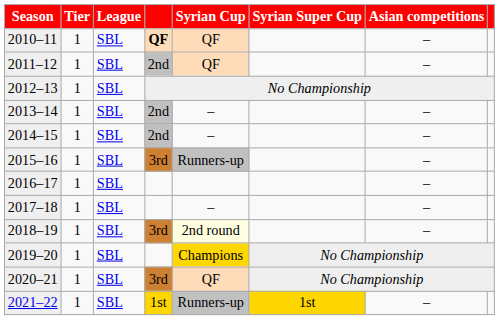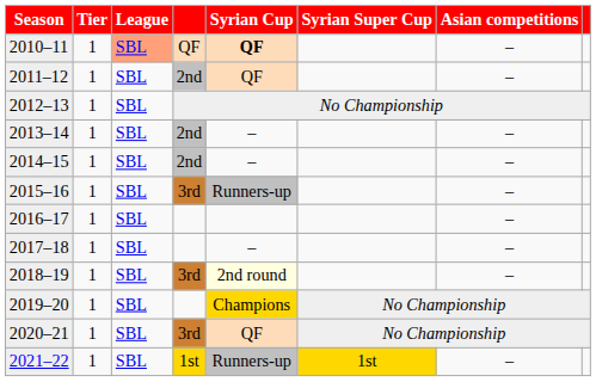 <table class="wikitable"  style="font-size:88%;">
 <tr>
 <th style="color:white; background:red;">Season</th>
 <th style="color:white; background:red;">Tier</th>
 <th style="color:white; background:red;">League</th>
 <th style="color:white; background:red;"></th>
 <th style="color:white; background:red;">Syrian Cup</th>
 <th style="color:white; background:red;">Syrian Super Cup</th>
 <th style="color:white; background:red;">Asian competitions</th>
 <th style="color:white; background:red;"></th>
 </tr>
 <tr>
 <td style="background:#efefef;">2010–11</td>
 <td align="center">1</td>
-<td><a href='#'>SBL</a></td>
+<td style="background: lightsalmon;"><a href='#'>SBL</a></td>
+<td align="center" bgcolor="#FEDCBA">QF</td>
 <td align="center" bgcolor="#FEDCBA"><strong>QF</strong></td>
-<td align="center" bgcolor="#FEDCBA">QF</td>
 <td></td>
 <td style="text-align: center;">–</td>
 <td></td>
 </tr>
 <tr>
 <td style="background:#efefef;">2011–12</td>
 <td align="center">1</td>
 <td><a href='#'>SBL</a></td>
 <td align="center" bgcolor=silver>2nd</td>
 <td align="center" bgcolor="#FEDCBA">QF</td>
 <td></td>
 <td style="text-align: center;">–</td>
 <td></td>
 </tr>
 <tr>
 <td style="background:#efefef;">2012–13</td>
 <td align="center">1</td>
 <td><a href='#'>SBL</a></td>
 <td bgcolor="#efefef" colspan=8 style="text-align: center;"><em>No Championship</em></td>
 </tr>
 <tr>
 <td style="background:#efefef;">2013–14</td>
 <td align="center">1</td>
 <td><a href='#'>SBL</a></td>
 <td align="center" bgcolor=silver>2nd</td>
 <td style="text-align: center;">–</td>
 <td></td>
 <td style="text-align: center;">–</td>
 <td></td>
 </tr>
 <tr>
 <td style="background:#efefef;">2014–15</td>
 <td align="center">1</td>
 <td><a href='#'>SBL</a></td>
 <td align="center" bgcolor=silver>2nd</td>
 <td style="text-align: center;">–</td>
 <td></td>
 <td style="text-align: center;">–</td>
 <td></td>
 </tr>
 <tr>
 <td style="background:#efefef;">2015–16</td>
 <td align="center">1</td>
 <td><a href='#'>SBL</a></td>
 <td align="center" bgcolor=#CD7F32>3rd</td>
 <td align="center" bgcolor=silver>Runners-up</td>
 <td></td>
 <td style="text-align: center;">–</td>
 <td></td>
 </tr>
 <tr>
 <td style="background:#efefef;">2016–17</td>
 <td align="center">1</td>
 <td><a href='#'>SBL</a></td>
 <td></td>
 <td></td>
 <td></td>
 <td style="text-align: center;">–</td>
 <td></td>
 </tr>
 <tr>
 <td style="background:#efefef;">2017–18</td>
 <td align="center">1</td>
 <td><a href='#'>SBL</a></td>
 <td></td>
 <td style="text-align: center;">–</td>
 <td></td>
 <td style="text-align: center;">–</td>
 <td></td>
 </tr>
 <tr>
 <td style="background:#efefef;">2018–19</td>
 <td align="center">1</td>
 <td><a href='#'>SBL</a></td>
 <td align="center" bgcolor=#CD7F32>3rd</td>
 <td align="center" style="background: lightyellow;">2nd round</td>
 <td></td>
 <td style="text-align: center;">–</td>
 <td></td>
 </tr>
 <tr>
 <td style="background:#efefef;">2019–20</td>
 <td align="center">1</td>
 <td><a href='#'>SBL</a></td>
 <td></td>
 <td align="center" bgcolor=gold>Champions</td>
 <td bgcolor="#efefef" colspan=8 style="text-align: center;"><em>No Championship</em></td>
 </tr>
 <tr>
 <td style="background:#efefef;">2020–21</td>
 <td align="center">1</td>
 <td><a href='#'>SBL</a></td>
 <td align="center" bgcolor=#CD7F32>3rd</td>
 <td align="center" bgcolor="#FEDCBA">QF</td>
 <td bgcolor="#efefef" colspan=8 style="text-align: center;"><em>No Championship</em></td>
 </tr>
 <tr>
 <td style="background:#efefef;"><a href='#'>2021–22</a></td>
 <td align="center">1</td>
 <td><a href='#'>SBL</a></td>
 <td align="center" bgcolor=gold>1st</td>
 <td align="center" bgcolor=silver>Runners-up</td>
 <td align="center" bgcolor=gold>1st</td>
 <td style="text-align: center;">–</td>
 <td></td>
 </tr>
 </table>
